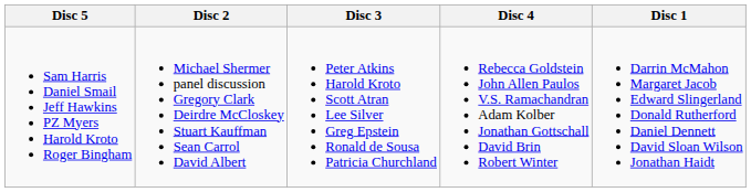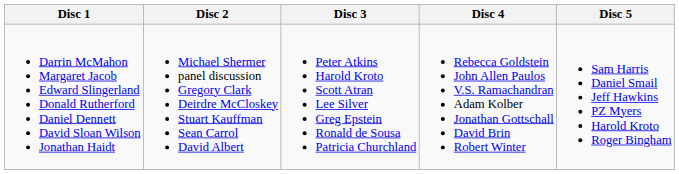 <table class="wikitable">
 <tr>
-<th>Disc 5</th>
+<th>Disc 1</th>
 <th>Disc 2</th>
 <th>Disc 3</th>
 <th>Disc 4</th>
-<th>Disc 1</th>
+<th>Disc 5</th>
 </tr>
 <tr>
-<td><br><ul><li><a href='#'>Sam Harris</a></li><li><a href='#'>Daniel Smail</a></li><li><a href='#'>Jeff Hawkins</a></li><li><a href='#'>PZ Myers</a></li><li><a href='#'>Harold Kroto</a></li><li><a href='#'>Roger Bingham</a></li></ul></td>
+<td><br><ul><li><a href='#'>Darrin McMahon</a></li><li><a href='#'>Margaret Jacob</a></li><li><a href='#'>Edward Slingerland</a></li><li><a href='#'>Donald Rutherford</a></li><li><a href='#'>Daniel Dennett</a></li><li><a href='#'>David Sloan Wilson</a></li><li><a href='#'>Jonathan Haidt</a></li></ul></td>
 <td><br><ul><li><a href='#'>Michael Shermer</a></li><li>panel discussion</li><li><a href='#'>Gregory Clark</a></li><li><a href='#'>Deirdre McCloskey</a></li><li><a href='#'>Stuart Kauffman</a></li><li><a href='#'>Sean Carrol</a></li><li><a href='#'>David Albert</a></li></ul></td>
 <td><br><ul><li><a href='#'>Peter Atkins</a></li><li><a href='#'>Harold Kroto</a></li><li><a href='#'>Scott Atran</a></li><li><a href='#'>Lee Silver</a></li><li><a href='#'>Greg Epstein</a></li><li><a href='#'>Ronald de Sousa</a></li><li><a href='#'>Patricia Churchland</a></li></ul></td>
 <td><br><ul><li><a href='#'>Rebecca Goldstein</a></li><li><a href='#'>John Allen Paulos</a></li><li><a href='#'>V.S. Ramachandran</a></li><li>Adam Kolber</li><li><a href='#'>Jonathan Gottschall</a></li><li><a href='#'>David Brin</a></li><li><a href='#'>Robert Winter</a></li></ul></td>
-<td><br><ul><li><a href='#'>Darrin McMahon</a></li><li><a href='#'>Margaret Jacob</a></li><li><a href='#'>Edward Slingerland</a></li><li><a href='#'>Donald Rutherford</a></li><li><a href='#'>Daniel Dennett</a></li><li><a href='#'>David Sloan Wilson</a></li><li><a href='#'>Jonathan Haidt</a></li></ul></td>
+<td><br><ul><li><a href='#'>Sam Harris</a></li><li><a href='#'>Daniel Smail</a></li><li><a href='#'>Jeff Hawkins</a></li><li><a href='#'>PZ Myers</a></li><li><a href='#'>Harold Kroto</a></li><li><a href='#'>Roger Bingham</a></li></ul></td>
 </tr>
 </table>
